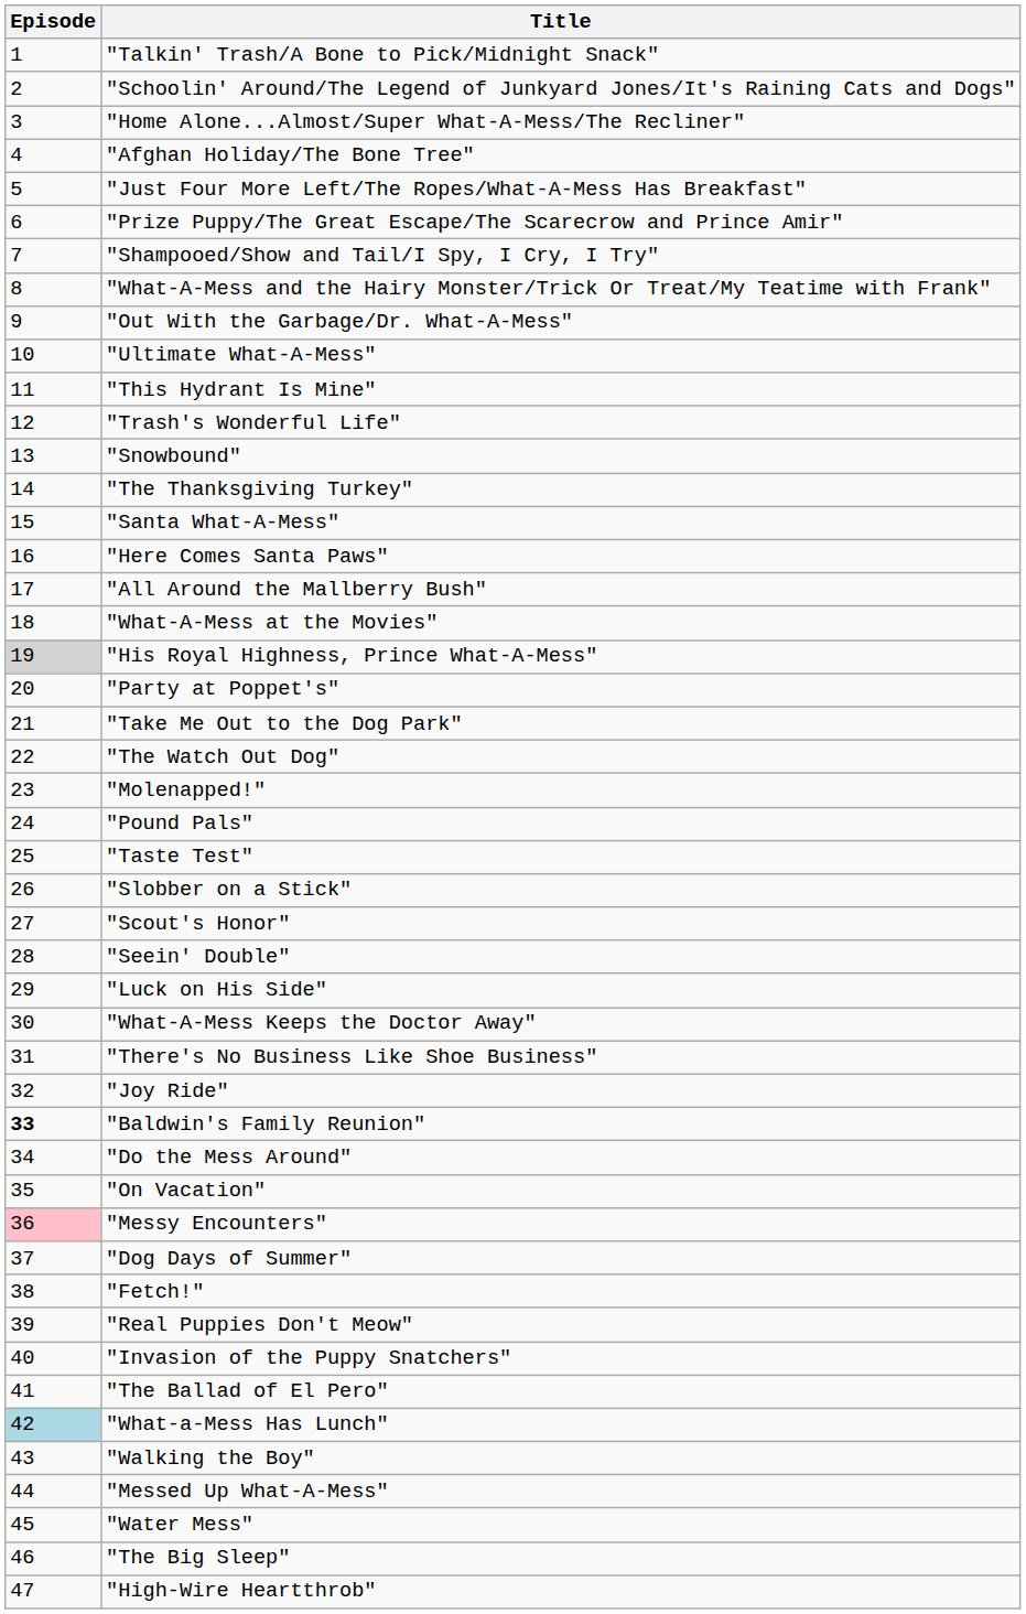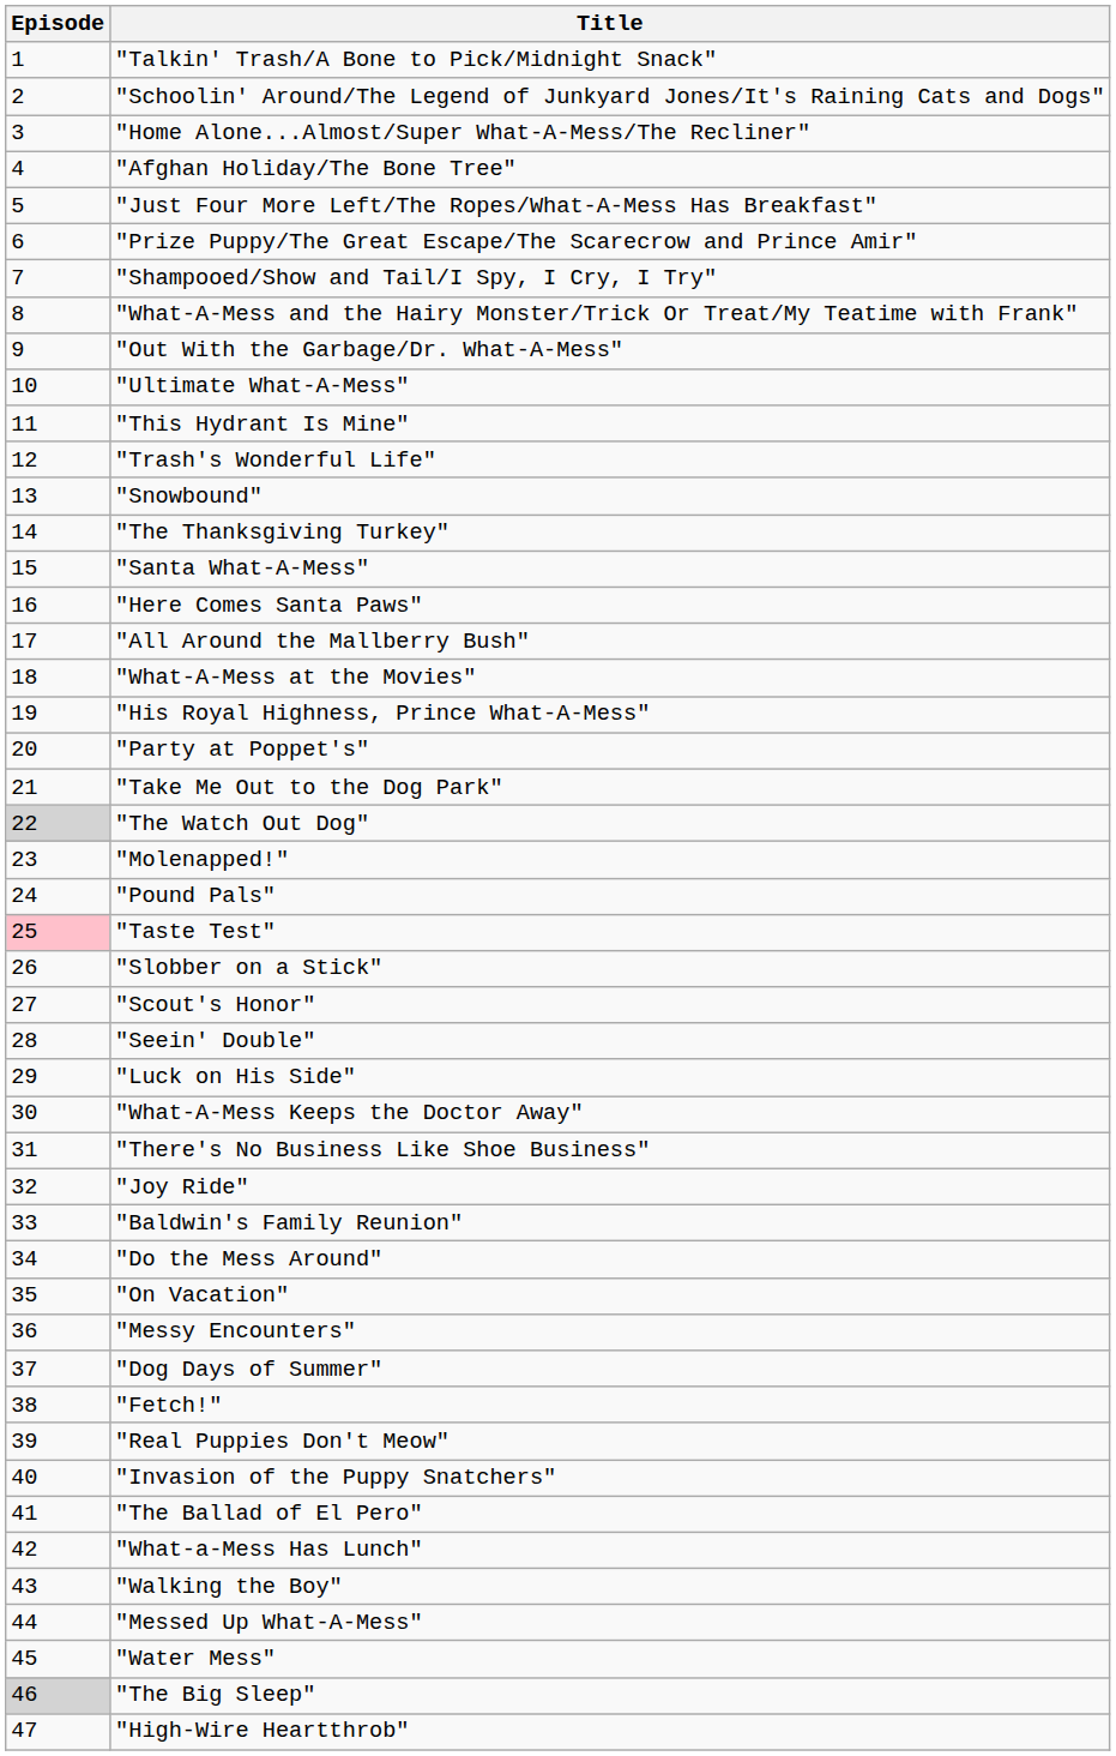 <table class="wikitable">
 <tr>
 <th>Episode</th>
 <th>Title</th>
 </tr>
 <tr>
 <td>1</td>
 <td>"Talkin' Trash/A Bone to Pick/Midnight Snack"</td>
 </tr>
 <tr>
 <td>2</td>
 <td>"Schoolin' Around/The Legend of Junkyard Jones/It's Raining Cats and Dogs"</td>
 </tr>
 <tr>
 <td>3</td>
 <td>"Home Alone...Almost/Super What-A-Mess/The Recliner"</td>
 </tr>
 <tr>
 <td>4</td>
 <td>"Afghan Holiday/The Bone Tree"</td>
 </tr>
 <tr>
 <td>5</td>
 <td>"Just Four More Left/The Ropes/What-A-Mess Has Breakfast"</td>
 </tr>
 <tr>
 <td>6</td>
 <td>"Prize Puppy/The Great Escape/The Scarecrow and Prince Amir"</td>
 </tr>
 <tr>
 <td>7</td>
 <td>"Shampooed/Show and Tail/I Spy, I Cry, I Try"</td>
 </tr>
 <tr>
 <td>8</td>
 <td>"What-A-Mess and the Hairy Monster/Trick Or Treat/My Teatime with Frank"</td>
 </tr>
 <tr>
 <td>9</td>
 <td>"Out With the Garbage/Dr. What-A-Mess"</td>
 </tr>
 <tr>
 <td>10</td>
 <td>"Ultimate What-A-Mess"</td>
 </tr>
 <tr>
 <td>11</td>
 <td>"This Hydrant Is Mine"</td>
 </tr>
 <tr>
 <td>12</td>
 <td>"Trash's Wonderful Life"</td>
 </tr>
 <tr>
 <td>13</td>
 <td>"Snowbound"</td>
 </tr>
 <tr>
 <td>14</td>
 <td>"The Thanksgiving Turkey"</td>
 </tr>
 <tr>
 <td>15</td>
 <td>"Santa What-A-Mess"</td>
 </tr>
 <tr>
 <td>16</td>
 <td>"Here Comes Santa Paws"</td>
 </tr>
 <tr>
 <td>17</td>
 <td>"All Around the Mallberry Bush"</td>
 </tr>
 <tr>
 <td>18</td>
 <td>"What-A-Mess at the Movies"</td>
 </tr>
 <tr>
-<td style="background: lightgrey;">19</td>
+<td>19</td>
 <td>"His Royal Highness, Prince What-A-Mess"</td>
 </tr>
 <tr>
 <td>20</td>
 <td>"Party at Poppet's"</td>
 </tr>
 <tr>
 <td>21</td>
 <td>"Take Me Out to the Dog Park"</td>
 </tr>
 <tr>
-<td>22</td>
+<td style="background: lightgrey;">22</td>
 <td>"The Watch Out Dog"</td>
 </tr>
 <tr>
 <td>23</td>
 <td>"Molenapped!"</td>
 </tr>
 <tr>
 <td>24</td>
 <td>"Pound Pals"</td>
 </tr>
 <tr>
-<td>25</td>
+<td style="background: pink;">25</td>
 <td>"Taste Test"</td>
 </tr>
 <tr>
 <td>26</td>
 <td>"Slobber on a Stick"</td>
 </tr>
 <tr>
 <td>27</td>
 <td>"Scout's Honor"</td>
 </tr>
 <tr>
 <td>28</td>
 <td>"Seein' Double"</td>
 </tr>
 <tr>
 <td>29</td>
 <td>"Luck on His Side"</td>
 </tr>
 <tr>
 <td>30</td>
 <td>"What-A-Mess Keeps the Doctor Away"</td>
 </tr>
 <tr>
 <td>31</td>
 <td>"There's No Business Like Shoe Business"</td>
 </tr>
 <tr>
 <td>32</td>
 <td>"Joy Ride"</td>
 </tr>
 <tr>
-<td><strong>33</strong></td>
+<td>33</td>
 <td>"Baldwin's Family Reunion"</td>
 </tr>
 <tr>
 <td>34</td>
 <td>"Do the Mess Around"</td>
 </tr>
 <tr>
 <td>35</td>
 <td>"On Vacation"</td>
 </tr>
 <tr>
-<td style="background: pink;">36</td>
+<td>36</td>
 <td>"Messy Encounters"</td>
 </tr>
 <tr>
 <td>37</td>
 <td>"Dog Days of Summer"</td>
 </tr>
 <tr>
 <td>38</td>
 <td>"Fetch!"</td>
 </tr>
 <tr>
 <td>39</td>
 <td>"Real Puppies Don't Meow"</td>
 </tr>
 <tr>
 <td>40</td>
 <td>"Invasion of the Puppy Snatchers"</td>
 </tr>
 <tr>
 <td>41</td>
 <td>"The Ballad of El Pero"</td>
 </tr>
 <tr>
-<td style="background: lightblue;">42</td>
+<td>42</td>
 <td>"What-a-Mess Has Lunch"</td>
 </tr>
 <tr>
 <td>43</td>
 <td>"Walking the Boy"</td>
 </tr>
 <tr>
 <td>44</td>
 <td>"Messed Up What-A-Mess"</td>
 </tr>
 <tr>
 <td>45</td>
 <td>"Water Mess"</td>
 </tr>
 <tr>
-<td>46</td>
+<td style="background: lightgrey;">46</td>
 <td>"The Big Sleep"</td>
 </tr>
 <tr>
 <td>47</td>
 <td>"High-Wire Heartthrob"</td>
 </tr>
 </table>
